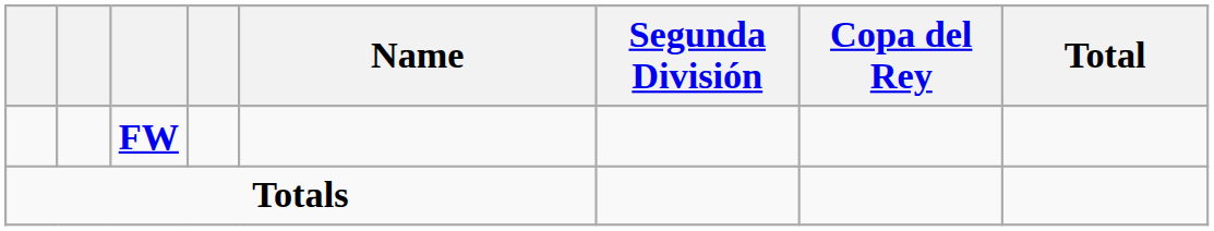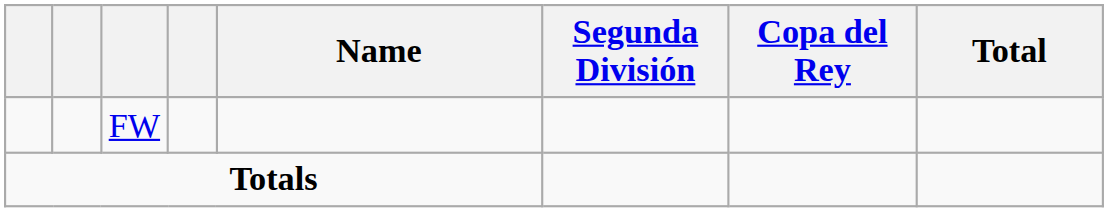 <table class="wikitable" style="text-align:center">
 <tr>
 <th width=15></th>
 <th width=15></th>
 <th width=15></th>
 <th width=15></th>
 <th width=145>Name</th>
 <th width=80><a href='#'>Segunda División</a></th>
 <th width=80><a href='#'>Copa del Rey</a></th>
 <th width=80>Total</th>
 </tr>
 <tr>
 <td><strong> </strong></td>
 <td></td>
-<td><strong><a href='#'>FW</a></strong></td>
+<td><a href='#'>FW</a></td>
 <td></td>
 <td align=left><a href='#'></a></td>
 <td></td>
 <td></td>
 <td><strong> </strong></td>
 </tr>
 <tr>
 <td colspan=5><strong>Totals</strong></td>
 <td><strong> </strong></td>
 <td><strong> </strong></td>
 <td><strong> </strong></td>
 </tr>
 </table>
